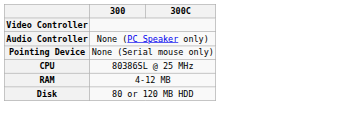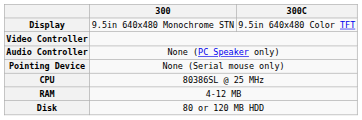 <table class="wikitable">
 <tr>
 <th></th>
 <th>300</th>
 <th>300C</th>
+</tr>
+<tr>
+<th><strong>Display</strong></th>
+<td>9.5in 640x480 Monochrome STN</td>
+<td>9.5in 640x480 Color <a href='#'>TFT</a></td>
 </tr>
 <tr>
 <th><strong>Video Controller</strong></th>
 <td colspan="2" style="text-align:center"></td>
 </tr>
 <tr>
 <th><strong>Audio Controller</strong></th>
 <td colspan="2" style="text-align:center">None (<a href='#'>PC Speaker</a> only)</td>
 </tr>
 <tr>
 <th><strong>Pointing Device</strong></th>
 <td colspan="2" style="text-align:center">None (Serial mouse only)</td>
 </tr>
 <tr>
 <th><strong>CPU</strong></th>
 <td colspan="2" style="text-align:center">80386SL @ 25 MHz</td>
 </tr>
 <tr>
 <th><strong>RAM</strong></th>
 <td colspan="2" style="text-align:center">4-12 MB</td>
 </tr>
 <tr>
 <th><strong>Disk</strong></th>
 <td colspan="2" style="text-align:center">80 or 120 MB HDD</td>
 </tr>
 </table>
